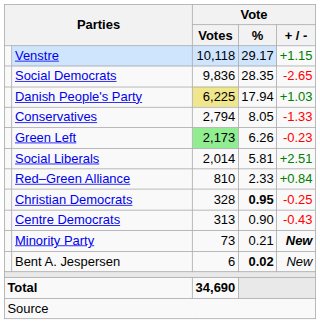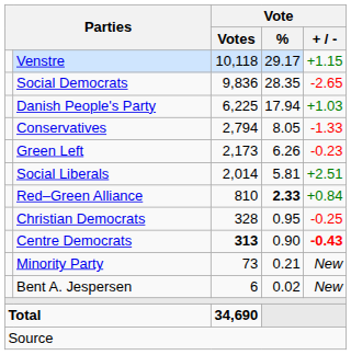 <table class="wikitable" style="text-align:right;">
 <tr>
 <th style="text-align:centre;" rowspan="2" colspan="2" width="225">Parties</th>
 <th colspan="3">Vote</th>
 </tr>
 <tr>
 <th width="15">Votes</th>
 <th width="15">%</th>
 <th width="15">+ / -</th>
 </tr>
 <tr>
 <td width="2" style="color:inherit;background:"></td>
 <td bgcolor=#cfe5fe  align="left"><a href='#'>Venstre</a></td>
 <td bgcolor=#cfe5fe>10,118</td>
 <td bgcolor=#cfe5fe>29.17</td>
 <td style=color:green;>+1.15</td>
 </tr>
 <tr>
 <td width="2" style="color:inherit;background:"></td>
 <td align="left"><a href='#'>Social Democrats</a></td>
 <td>9,836</td>
 <td>28.35</td>
 <td style=color:red;>-2.65</td>
 </tr>
 <tr>
 <td width="2" style="color:inherit;background:"></td>
 <td align="left"><a href='#'>Danish People's Party</a></td>
-<td style="background: khaki;">6,225</td>
+<td>6,225</td>
 <td>17.94</td>
 <td style=color:green;>+1.03</td>
 </tr>
 <tr>
 <td width="2" style="color:inherit;background:"></td>
 <td align="left"><a href='#'>Conservatives</a></td>
 <td>2,794</td>
 <td>8.05</td>
 <td style=color:red;>-1.33</td>
 </tr>
 <tr>
 <td width="2" style="color:inherit;background:"></td>
 <td align="left"><a href='#'>Green Left</a></td>
-<td style="background: lightgreen;">2,173</td>
+<td>2,173</td>
 <td>6.26</td>
 <td style=color:red;>-0.23</td>
 </tr>
 <tr>
 <td width="2" style="color:inherit;background:"></td>
 <td align="left"><a href='#'>Social Liberals</a></td>
 <td>2,014</td>
 <td>5.81</td>
 <td style=color:green;>+2.51</td>
 </tr>
 <tr>
 <td width="2" style="color:inherit;background:"></td>
 <td align="left"><a href='#'>Red–Green Alliance</a></td>
 <td>810</td>
-<td>2.33</td>
+<td><strong>2.33</strong></td>
 <td style=color:green;>+0.84</td>
 </tr>
 <tr>
 <td width="2" style="color:inherit;background:"></td>
 <td align="left"><a href='#'>Christian Democrats</a></td>
 <td>328</td>
-<td><strong>0.95</strong></td>
+<td>0.95</td>
 <td style=color:red;>-0.25</td>
 </tr>
 <tr>
 <td width="2" style="color:inherit;background:"></td>
 <td align="left"><a href='#'>Centre Democrats</a></td>
-<td>313</td>
+<td><strong>313</strong></td>
 <td>0.90</td>
-<td style=color:red;>-0.43</td>
+<td style=color:red;><strong>-0.43</strong></td>
 </tr>
 <tr>
 <td width="2" style="color:inherit;background:"></td>
 <td align="left"><a href='#'>Minority Party</a></td>
 <td>73</td>
 <td>0.21</td>
-<td><strong><em>New</em></strong></td>
+<td><em>New</em></td>
 </tr>
 <tr>
 <td width="2" style="color:inherit;background:"></td>
 <td align="left">Bent A. Jespersen</td>
 <td>6</td>
-<td><strong>0.02</strong></td>
+<td>0.02</td>
 <td><em>New</em></td>
 </tr>
 <tr>
 <td colspan="7" bgcolor="#E9E9E9"></td>
 </tr>
 <tr>
 <td align="left" colspan="2"><strong>Total</strong></td>
 <td><strong>34,690</strong></td>
 <td bgcolor="#E9E9E9" colspan="2"></td>
 </tr>
 <tr>
 <td align="left" colspan="6">Source</td>
 </tr>
 </table>
